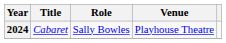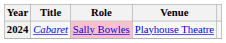 <table class="wikitable plainrowheaders sortable">
 <tr>
 <th scope="col">Year</th>
 <th scope="col">Title</th>
 <th scope="col" class="unsortable">Role</th>
 <th scope="col" class="unsortable">Venue</th>
 <th scope="col" class="unsortable"></th>
 </tr>
 <tr>
 <th scope="row">2024</th>
 <td data-sort-value="Pigment Of Your Imagination, A"><em><a href='#'>Cabaret</a></em></td>
-<td><a href='#'>Sally Bowles</a></td>
+<td style="background: pink;"><a href='#'>Sally Bowles</a></td>
 <td><a href='#'>Playhouse Theatre</a></td>
 <td style="text-align:center"></td>
 </tr>
 <tr>
 </tr>
 </table>
